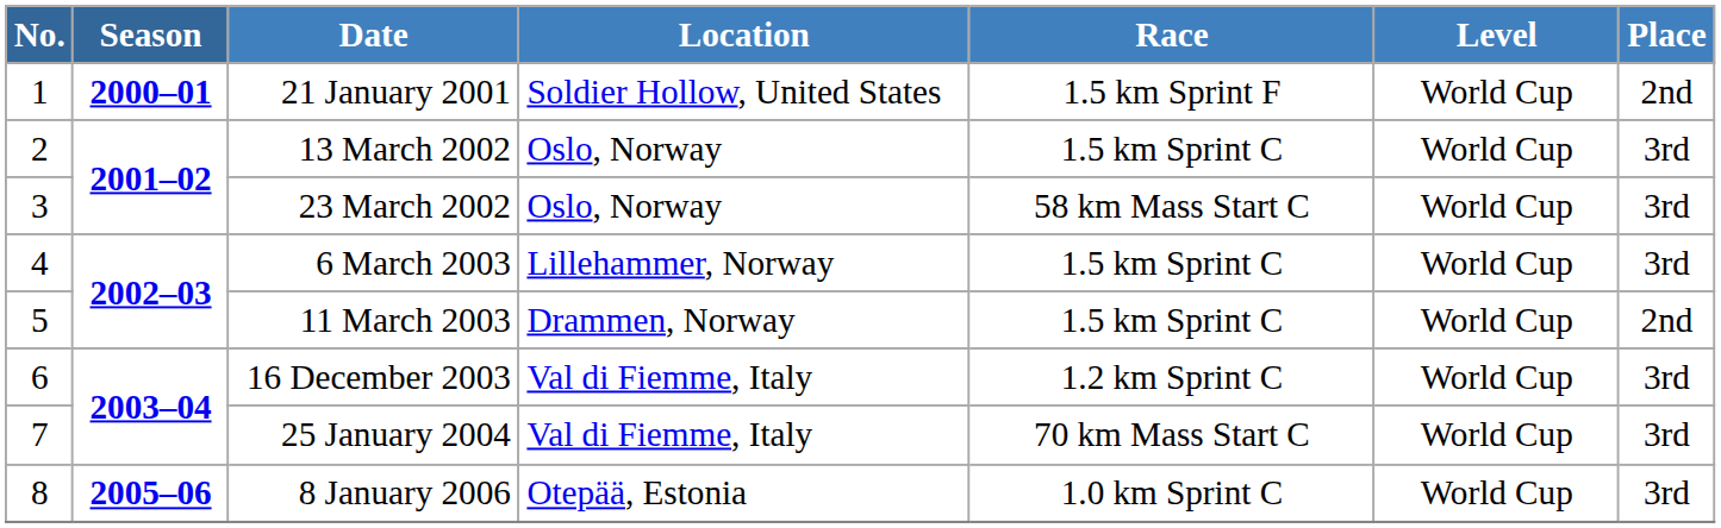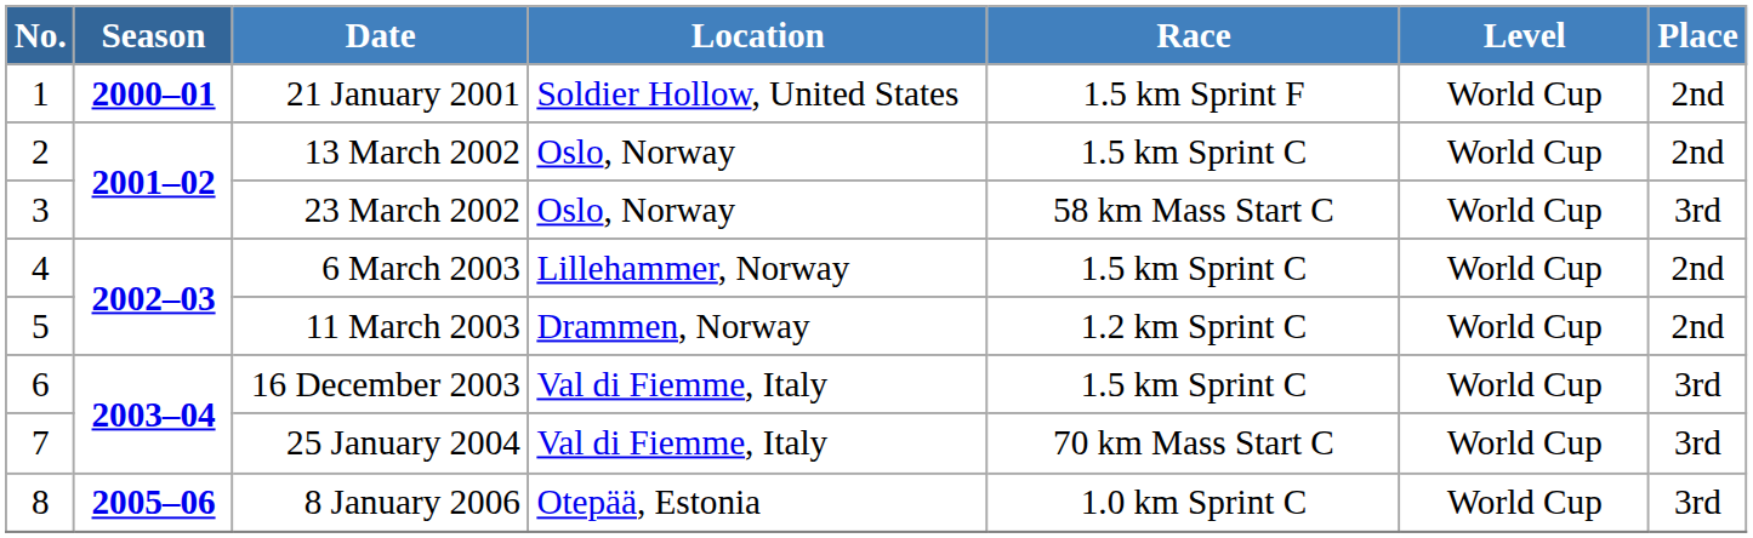 <table class="wikitable sortable" style="font-size:95%; text-align:center; border:grey solid 1px; border-collapse:collapse; background:#ffffff;">
 <tr style="background:#efefef;">
 <th style="background-color:#369; color:white;">No.</th>
 <th style="background-color:#369; color:white;">Season</th>
 <th style="background-color:#4180be; color:white; width:120px;">Date</th>
 <th style="background-color:#4180be; color:white; width:190px;">Location</th>
 <th style="background-color:#4180be; color:white; width:170px;">Race</th>
 <th style="background-color:#4180be; color:white; width:100px;">Level</th>
 <th style="background-color:#4180be; color:white;">Place</th>
 </tr>
 <tr>
 <td align=center>1</td>
 <td rowspan=1 align=center><strong> <a href='#'>2000–01</a> </strong></td>
 <td align=right>21 January 2001</td>
 <td align=left> <a href='#'>Soldier Hollow</a>, United States</td>
 <td>1.5 km Sprint F</td>
 <td>World Cup</td>
 <td>2nd</td>
 </tr>
 <tr>
 <td align=center>2</td>
 <td rowspan=2 align=center><strong> <a href='#'>2001–02</a> </strong></td>
 <td align=right>13 March 2002</td>
 <td align=left> <a href='#'>Oslo</a>, Norway</td>
 <td>1.5 km Sprint C</td>
 <td>World Cup</td>
-<td>3rd</td>
+<td>2nd</td>
 </tr>
 <tr>
 <td align=center>3</td>
 <td align=right>23 March 2002</td>
 <td align=left> <a href='#'>Oslo</a>, Norway</td>
 <td>58 km Mass Start C</td>
 <td>World Cup</td>
 <td>3rd</td>
 </tr>
 <tr>
 <td align=center>4</td>
 <td rowspan=2 align=center><strong> <a href='#'>2002–03</a> </strong></td>
 <td align=right>6 March 2003</td>
 <td align=left> <a href='#'>Lillehammer</a>, Norway</td>
 <td>1.5 km Sprint C</td>
 <td>World Cup</td>
-<td>3rd</td>
+<td>2nd</td>
 </tr>
 <tr>
 <td align=center>5</td>
 <td align=right>11 March 2003</td>
 <td align=left> <a href='#'>Drammen</a>, Norway</td>
-<td>1.5 km Sprint C</td>
+<td>1.2 km Sprint C</td>
 <td>World Cup</td>
 <td>2nd</td>
 </tr>
 <tr>
 <td align=center>6</td>
 <td rowspan=2 align=center><strong> <a href='#'>2003–04</a> </strong></td>
 <td align=right>16 December 2003</td>
 <td align=left> <a href='#'>Val di Fiemme</a>, Italy</td>
-<td>1.2 km Sprint C</td>
+<td>1.5 km Sprint C</td>
 <td>World Cup</td>
 <td>3rd</td>
 </tr>
 <tr>
 <td align=center>7</td>
 <td align=right>25 January 2004</td>
 <td align=left> <a href='#'>Val di Fiemme</a>, Italy</td>
 <td>70 km Mass Start C</td>
 <td>World Cup</td>
 <td>3rd</td>
 </tr>
 <tr>
 <td align=center>8</td>
 <td rowspan=1 align=center><strong> <a href='#'>2005–06</a> </strong></td>
 <td align=right>8 January 2006</td>
 <td align=left> <a href='#'>Otepää</a>, Estonia</td>
 <td>1.0 km Sprint C</td>
 <td>World Cup</td>
 <td>3rd</td>
 </tr>
 <tr>
 </tr>
 </table>
